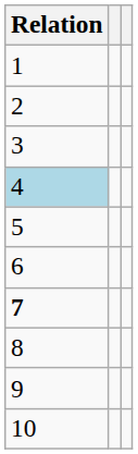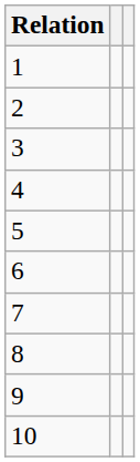 <table class="wikitable">
 <tr>
 <th>Relation</th>
 <th></th>
 <th></th>
 </tr>
 <tr>
 <td>1</td>
 <td></td>
 <td></td>
 </tr>
 <tr>
 <td>2</td>
 <td></td>
 <td></td>
 </tr>
 <tr>
 <td>3</td>
 <td></td>
 <td></td>
 </tr>
 <tr>
-<td style="background: lightblue;">4</td>
+<td>4</td>
 <td></td>
 <td></td>
 </tr>
 <tr>
 <td>5</td>
 <td></td>
 <td></td>
 </tr>
 <tr>
 <td>6</td>
 <td></td>
 <td></td>
 </tr>
 <tr>
-<td><strong>7</strong></td>
+<td>7</td>
 <td></td>
 <td></td>
 </tr>
 <tr>
 <td>8</td>
 <td></td>
 <td></td>
 </tr>
 <tr>
 <td>9</td>
 <td></td>
 <td></td>
 </tr>
 <tr>
 <td>10</td>
 <td></td>
 <td></td>
 </tr>
 </table>
